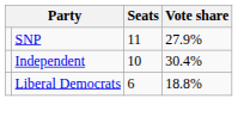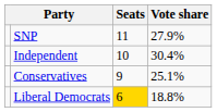 <table class="wikitable">
 <tr>
 <th scope="col" colspan="2">Party</th>
 <th scope="col">Seats</th>
 <th scope="col">Vote share</th>
 </tr>
 <tr>
 <td style="background-color: "></td>
 <td scope="row"><a href='#'>SNP</a></td>
 <td>11</td>
 <td>27.9%</td>
 </tr>
 <tr>
 <td style="background-color: "></td>
 <td scope="row"><a href='#'>Independent</a></td>
 <td>10</td>
 <td>30.4%</td>
 </tr>
 <tr>
 <td style="background-color: "></td>
+<td scope="row"><a href='#'>Conservatives</a></td>
+<td>9</td>
+<td>25.1%</td>
+</tr>
+<tr>
+<td style="background-color: "></td>
 <td scope="row"><a href='#'>Liberal Democrats</a></td>
-<td>6</td>
+<td style="background: gold;">6</td>
 <td>18.8%</td>
 </tr>
 </table>
